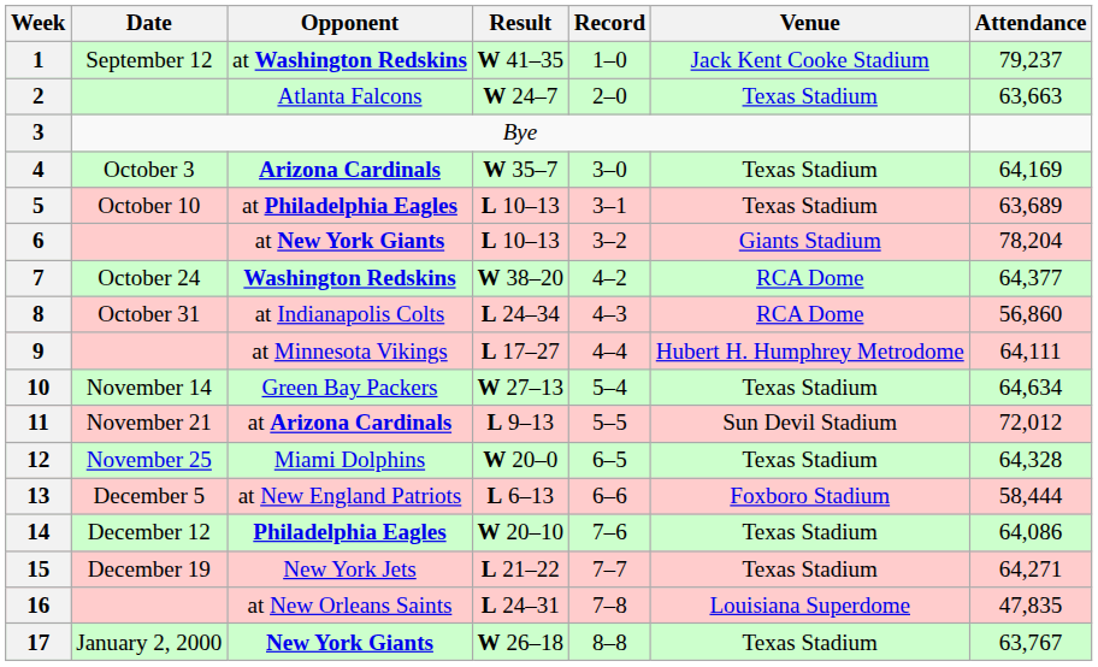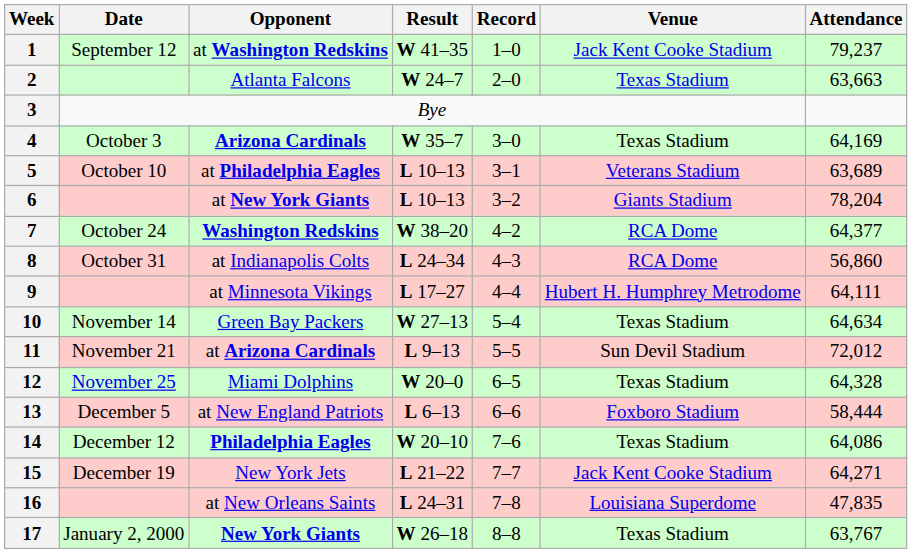 <table class="wikitable" style="text-align:center">
 <tr>
 <th>Week</th>
 <th>Date</th>
 <th>Opponent</th>
 <th>Result</th>
 <th>Record</th>
 <th>Venue</th>
 <th>Attendance</th>
 </tr>
 <tr style="background:#cfc">
 <th>1</th>
 <td>September 12</td>
 <td>at <strong><a href='#'>Washington Redskins</a></strong></td>
 <td><strong>W</strong> 41–35 </td>
 <td>1–0</td>
 <td><a href='#'>Jack Kent Cooke Stadium</a></td>
 <td>79,237</td>
 </tr>
 <tr style="background:#cfc">
 <th>2</th>
 <td></td>
 <td><a href='#'>Atlanta Falcons</a></td>
 <td><strong>W</strong> 24–7</td>
 <td>2–0</td>
 <td><a href='#'>Texas Stadium</a></td>
 <td>63,663</td>
 </tr>
 <tr>
 <th>3</th>
 <td colspan="5"><em>Bye</em></td>
 </tr>
 <tr style="background:#cfc">
 <th>4</th>
 <td>October 3</td>
 <td><strong><a href='#'>Arizona Cardinals</a></strong></td>
 <td><strong>W</strong> 35–7</td>
 <td>3–0</td>
 <td>Texas Stadium</td>
 <td>64,169</td>
 </tr>
 <tr style="background:#fcc">
 <th>5</th>
 <td>October 10</td>
 <td>at <strong><a href='#'>Philadelphia Eagles</a></strong></td>
 <td><strong>L</strong> 10–13</td>
 <td>3–1</td>
-<td>Texas Stadium</td>
+<td><a href='#'>Veterans Stadium</a></td>
 <td>63,689</td>
 </tr>
 <tr style="background:#fcc">
 <th>6</th>
 <td></td>
 <td>at <strong><a href='#'>New York Giants</a></strong></td>
 <td><strong>L</strong> 10–13</td>
 <td>3–2</td>
 <td><a href='#'>Giants Stadium</a></td>
 <td>78,204</td>
 </tr>
 <tr style="background:#cfc">
 <th>7</th>
 <td>October 24</td>
 <td><strong><a href='#'>Washington Redskins</a></strong></td>
 <td><strong>W</strong> 38–20</td>
 <td>4–2</td>
 <td><a href='#'>RCA Dome</a></td>
 <td>64,377</td>
 </tr>
 <tr style="background:#fcc">
 <th>8</th>
 <td>October 31</td>
 <td>at <a href='#'>Indianapolis Colts</a></td>
 <td><strong>L</strong> 24–34</td>
 <td>4–3</td>
 <td><a href='#'>RCA Dome</a></td>
 <td>56,860</td>
 </tr>
 <tr style="background:#fcc">
 <th>9</th>
 <td></td>
 <td>at <a href='#'>Minnesota Vikings</a></td>
 <td><strong>L</strong> 17–27</td>
 <td>4–4</td>
 <td><a href='#'>Hubert H. Humphrey Metrodome</a></td>
 <td>64,111</td>
 </tr>
 <tr style="background:#cfc">
 <th>10</th>
 <td>November 14</td>
 <td><a href='#'>Green Bay Packers</a></td>
 <td><strong>W</strong> 27–13</td>
 <td>5–4</td>
 <td>Texas Stadium</td>
 <td>64,634</td>
 </tr>
 <tr style="background:#fcc">
 <th>11</th>
 <td>November 21</td>
 <td>at <strong><a href='#'>Arizona Cardinals</a></strong></td>
 <td><strong>L</strong> 9–13</td>
 <td>5–5</td>
 <td>Sun Devil Stadium</td>
 <td>72,012</td>
 </tr>
 <tr style="background:#cfc">
 <th>12</th>
 <td><a href='#'>November 25</a></td>
 <td><a href='#'>Miami Dolphins</a></td>
 <td><strong>W</strong> 20–0</td>
 <td>6–5</td>
 <td>Texas Stadium</td>
 <td>64,328</td>
 </tr>
 <tr style="background:#fcc">
 <th>13</th>
 <td>December 5</td>
 <td>at <a href='#'>New England Patriots</a></td>
 <td><strong>L</strong> 6–13</td>
 <td>6–6</td>
 <td><a href='#'>Foxboro Stadium</a></td>
 <td>58,444</td>
 </tr>
 <tr style="background:#cfc">
 <th>14</th>
 <td>December 12</td>
 <td><strong><a href='#'>Philadelphia Eagles</a></strong></td>
 <td><strong>W</strong> 20–10</td>
 <td>7–6</td>
 <td>Texas Stadium</td>
 <td>64,086</td>
 </tr>
 <tr style="background:#fcc">
 <th>15</th>
 <td>December 19</td>
 <td><a href='#'>New York Jets</a></td>
 <td><strong>L</strong> 21–22</td>
 <td>7–7</td>
-<td>Texas Stadium</td>
+<td><a href='#'>Jack Kent Cooke Stadium</a></td>
 <td>64,271</td>
 </tr>
 <tr style="background:#fcc">
 <th>16</th>
 <td></td>
 <td>at <a href='#'>New Orleans Saints</a></td>
 <td><strong>L</strong> 24–31</td>
 <td>7–8</td>
 <td><a href='#'>Louisiana Superdome</a></td>
 <td>47,835</td>
 </tr>
 <tr style="background:#cfc">
 <th>17</th>
 <td>January 2, 2000</td>
 <td><strong><a href='#'>New York Giants</a></strong></td>
 <td><strong>W</strong> 26–18</td>
 <td>8–8</td>
 <td>Texas Stadium</td>
 <td>63,767</td>
 </tr>
 </table>
